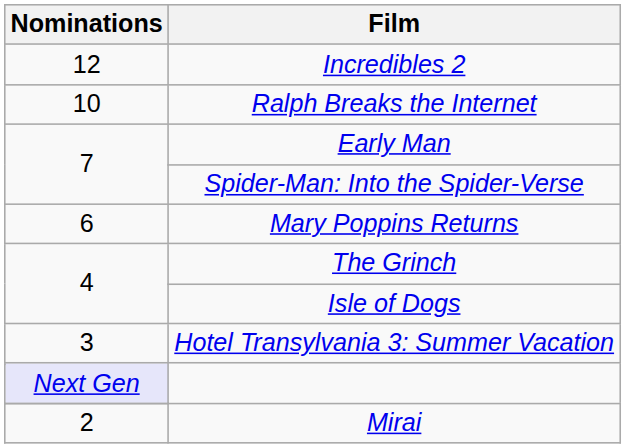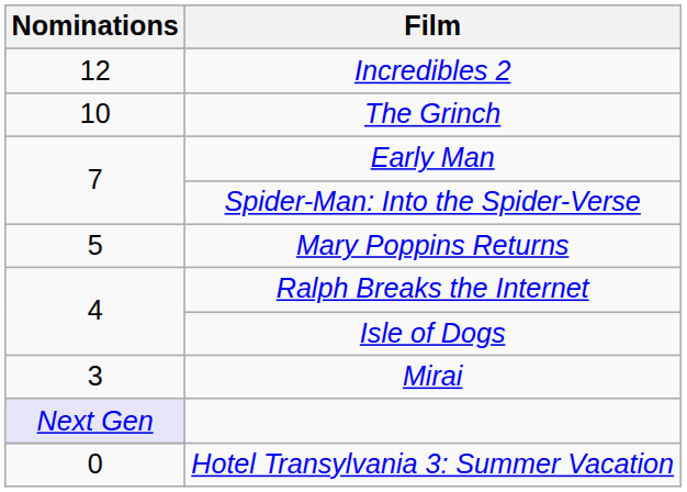 <table class="wikitable" style="text-align: center">
 <tr>
 <th scope="col" width="55">Nominations</th>
 <th scope="col" align="center">Film</th>
 </tr>
 <tr>
 <td>12</td>
 <td><em><a href='#'>Incredibles 2</a></em></td>
 </tr>
 <tr>
 <td>10</td>
-<td><em><a href='#'>Ralph Breaks the Internet</a></em></td>
+<td><em><a href='#'>The Grinch</a></em></td>
 </tr>
 <tr>
 <td rowspan=2 style="text-align:center">7</td>
 <td><em><a href='#'>Early Man</a></em></td>
 </tr>
 <tr>
 <td><em><a href='#'>Spider-Man: Into the Spider-Verse</a></em></td>
 </tr>
 <tr>
-<td>6</td>
+<td>5</td>
 <td><em><a href='#'>Mary Poppins Returns</a></em></td>
 </tr>
 <tr>
 <td rowspan=2 style="text-align:center">4</td>
-<td><em><a href='#'>The Grinch</a></em></td>
+<td><em><a href='#'>Ralph Breaks the Internet</a></em></td>
 </tr>
 <tr>
 <td><em><a href='#'>Isle of Dogs</a></em></td>
 </tr>
 <tr>
 <td rowspan=2 style="text-align:center">3</td>
-<td><em><a href='#'>Hotel Transylvania 3: Summer Vacation</a></em></td>
+<td><em><a href='#'>Mirai</a></em></td>
 </tr>
 <tr>
 </tr>
 <tr>
 <td style="background: lavender;"><em><a href='#'>Next Gen</a></em></td>
 </tr>
 <tr>
 </tr>
 <tr>
-<td>2</td>
-<td><em><a href='#'>Mirai</a></em></td>
+<td>0</td>
+<td><em><a href='#'>Hotel Transylvania 3: Summer Vacation</a></em></td>
 </tr>
 </table>
